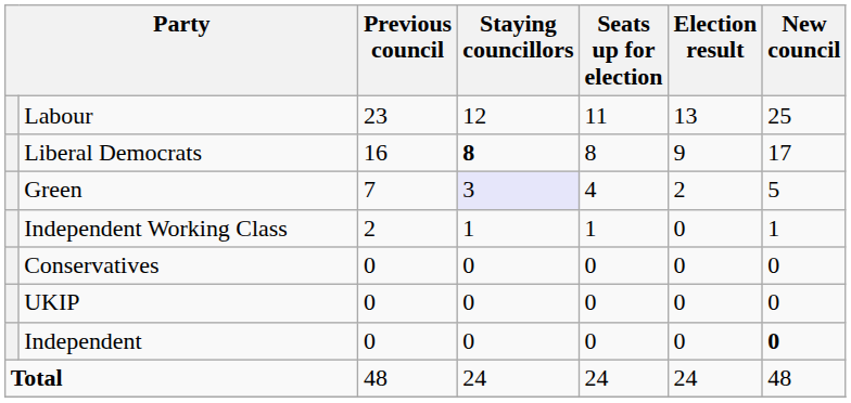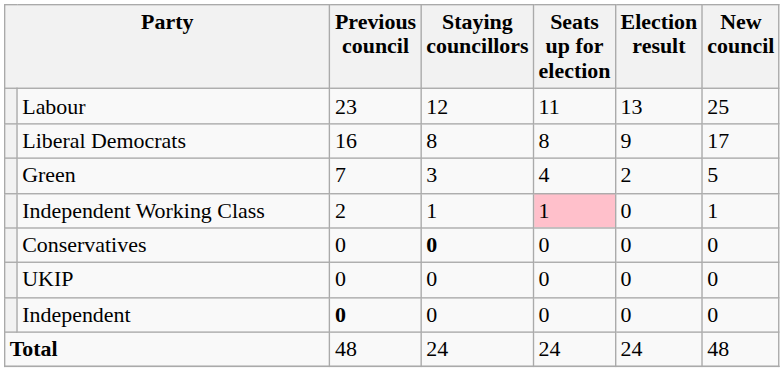 <table class="wikitable">
 <tr>
 <th valign=top colspan="2" style="width: 230px">Party</th>
 <th valign=top style="width: 30px">Previous council</th>
 <th valign=top style="width: 30px">Staying councillors</th>
 <th valign=top style="width: 30px">Seats up for election</th>
 <th valign=top style="width: 30px">Election result</th>
 <th valign=top style="width: 30px">New council</th>
 </tr>
 <tr>
 <th style="background-color: "></th>
 <td>Labour</td>
 <td>23</td>
 <td>12</td>
 <td>11</td>
 <td>13</td>
 <td>25</td>
 </tr>
 <tr>
 <th style="background-color: "></th>
 <td>Liberal Democrats</td>
 <td>16</td>
-<td><strong>8</strong></td>
+<td>8</td>
 <td>8</td>
 <td>9</td>
 <td>17</td>
 </tr>
 <tr>
 <th style="background-color: "></th>
 <td>Green</td>
 <td>7</td>
-<td style="background: lavender;">3</td>
+<td>3</td>
 <td>4</td>
 <td>2</td>
 <td>5</td>
 </tr>
 <tr>
 <th style="background-color: "></th>
 <td>Independent Working Class</td>
 <td>2</td>
 <td>1</td>
-<td>1</td>
+<td style="background: pink;">1</td>
 <td>0</td>
 <td>1</td>
 </tr>
 <tr>
 <th style="background-color: "></th>
 <td>Conservatives</td>
 <td>0</td>
-<td>0</td>
+<td><strong>0</strong></td>
 <td>0</td>
 <td>0</td>
 <td>0</td>
 </tr>
 <tr>
 <th style="background-color: "></th>
 <td>UKIP</td>
 <td>0</td>
 <td>0</td>
 <td>0</td>
 <td>0</td>
 <td>0</td>
 </tr>
 <tr>
 <th style="background-color: "></th>
 <td>Independent</td>
+<td><strong>0</strong></td>
 <td>0</td>
 <td>0</td>
 <td>0</td>
 <td>0</td>
-<td><strong>0</strong></td>
 </tr>
 <tr>
 <td colspan="2"><strong>Total</strong></td>
 <td>48</td>
 <td>24</td>
 <td>24</td>
 <td>24</td>
 <td>48</td>
 </tr>
 <tr>
 </tr>
 </table>
